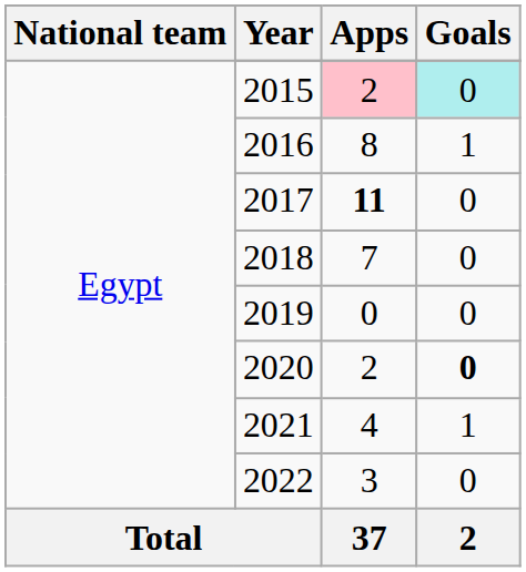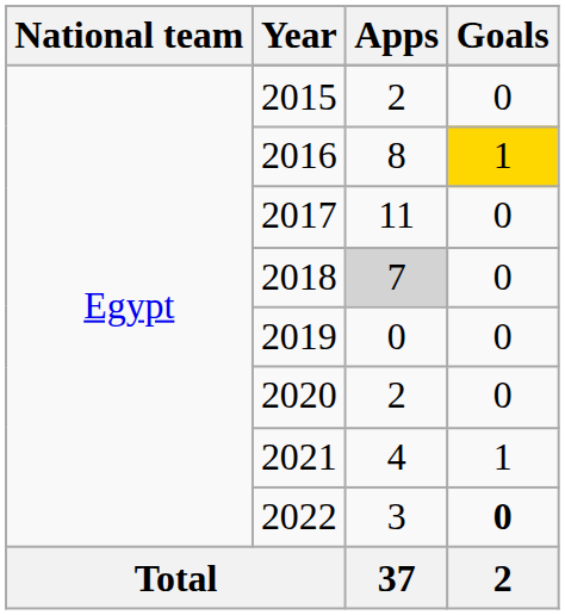 <table class="wikitable" style="text-align: center;">
 <tr>
 <th>National team</th>
 <th>Year</th>
 <th>Apps</th>
 <th>Goals</th>
 </tr>
 <tr>
 <td rowspan=9><a href='#'>Egypt</a></td>
 </tr>
 <tr>
 <td>2015</td>
-<td style="background: pink;">2</td>
-<td style="background: paleturquoise;">0</td>
+<td>2</td>
+<td>0</td>
 </tr>
 <tr>
 <td>2016</td>
 <td>8</td>
-<td>1</td>
+<td style="background: gold;">1</td>
 </tr>
 <tr>
 <td>2017</td>
-<td><strong>11</strong></td>
+<td>11</td>
 <td>0</td>
 </tr>
 <tr>
 <td>2018</td>
-<td>7</td>
+<td style="background: lightgrey;">7</td>
 <td>0</td>
 </tr>
 <tr>
 <td>2019</td>
 <td>0</td>
 <td>0</td>
 </tr>
 <tr>
 <td>2020</td>
 <td>2</td>
-<td><strong>0</strong></td>
+<td>0</td>
 </tr>
 <tr>
 <td>2021</td>
 <td>4</td>
 <td>1</td>
 </tr>
 <tr>
 <td>2022</td>
 <td>3</td>
-<td>0</td>
+<td><strong>0</strong></td>
 </tr>
 <tr>
 <th colspan=2>Total</th>
 <th>37</th>
 <th>2</th>
 </tr>
 </table>
